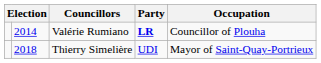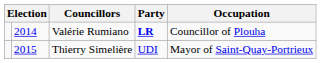 <table class="wikitable">
 <tr>
 <th colspan="2">Election</th>
 <th>Councillors</th>
 <th>Party</th>
 <th>Occupation</th>
 </tr>
 <tr>
 <td style="background-color: "></td>
 <td><a href='#'>2014</a></td>
 <td>Valérie Rumiano</td>
 <td><strong><a href='#'>LR</a></strong></td>
 <td>Councillor of <a href='#'>Plouha</a></td>
 </tr>
 <tr>
 <td style="background-color: "></td>
-<td><a href='#'>2018</a></td>
+<td><a href='#'>2015</a></td>
 <td>Thierry Simelière</td>
 <td><a href='#'>UDI</a></td>
 <td>Mayor of <a href='#'>Saint-Quay-Portrieux</a></td>
 </tr>
 </table>
